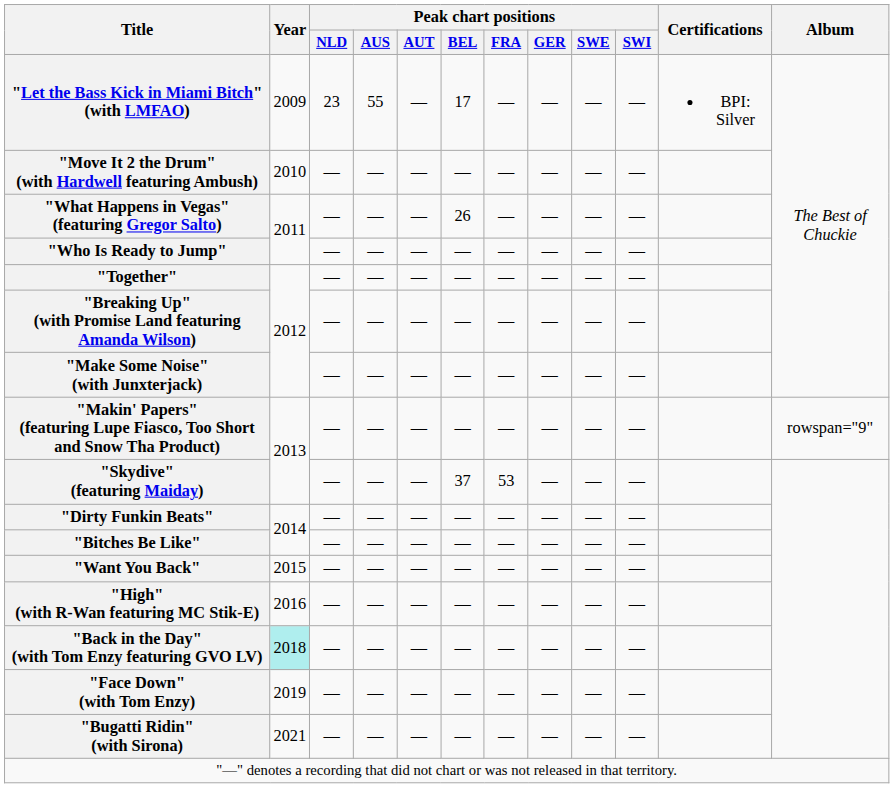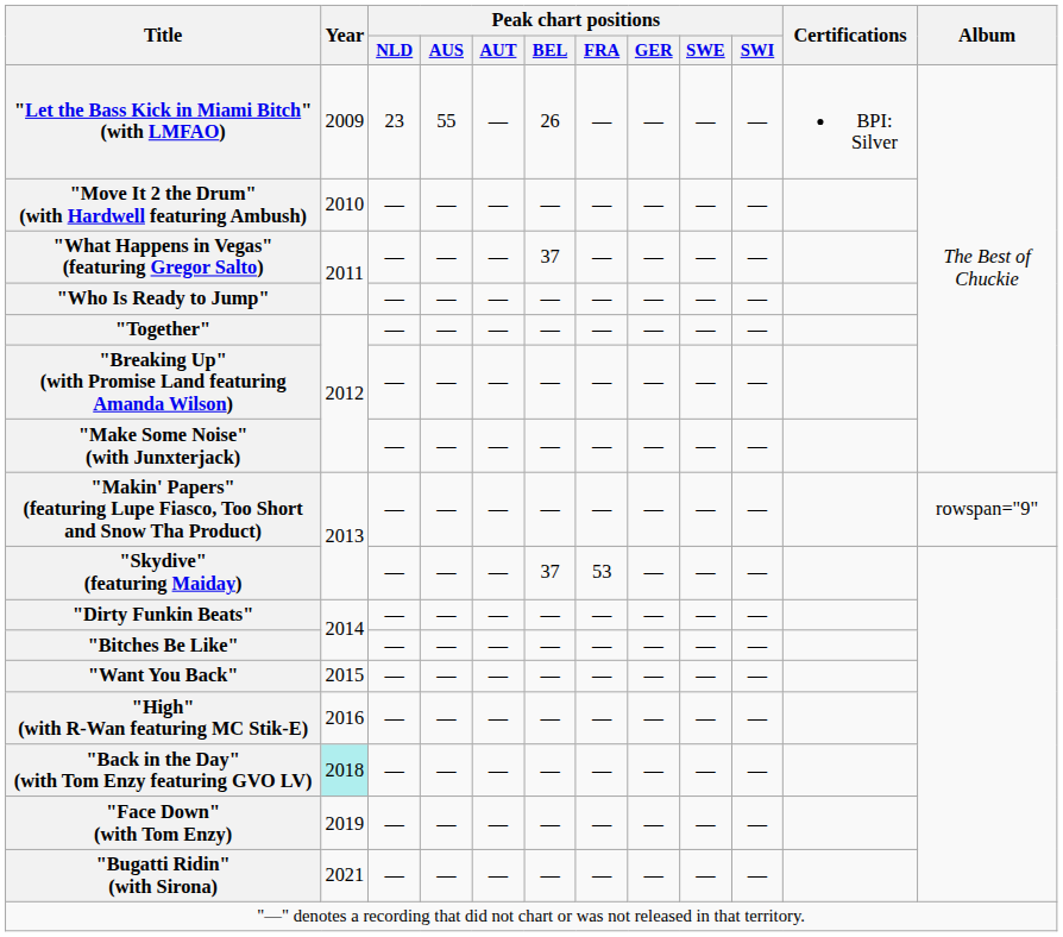 <table class="wikitable plainrowheaders" style="text-align:center;" border="1">
 <tr>
 <th scope="col" rowspan="2">Title</th>
 <th scope="col" rowspan="2">Year</th>
 <th scope="col" colspan="8">Peak chart positions</th>
 <th scope="col" rowspan="2">Certifications</th>
 <th scope="col" rowspan="2">Album</th>
 </tr>
 <tr>
 <th scope="col" style="width:2.5em;font-size:90%;"><a href='#'>NLD</a><br></th>
 <th scope="col" style="width:2.5em;font-size:90%;"><a href='#'>AUS</a><br></th>
 <th scope="col" style="width:2.5em;font-size:90%;"><a href='#'>AUT</a><br></th>
 <th scope="col" style="width:2.5em;font-size:90%;"><a href='#'>BEL</a><br></th>
 <th scope="col" style="width:2.5em;font-size:90%;"><a href='#'>FRA</a><br></th>
 <th scope="col" style="width:2.5em;font-size:90%;"><a href='#'>GER</a><br></th>
 <th scope="col" style="width:2.5em;font-size:90%;"><a href='#'>SWE</a><br></th>
 <th scope="col" style="width:2.5em;font-size:90%;"><a href='#'>SWI</a><br></th>
 </tr>
 <tr>
 <th scope="row">"<a href='#'>Let the Bass Kick in Miami Bitch</a>" <br><span>(with <a href='#'>LMFAO</a>)</span></th>
 <td>2009</td>
 <td>23</td>
 <td>55</td>
 <td>—</td>
-<td>17</td>
+<td>26</td>
 <td>—</td>
 <td>—</td>
 <td>—</td>
 <td>—</td>
 <td><br><ul><li>BPI: Silver</li></ul></td>
 <td rowspan="7"><em>The Best of Chuckie</em></td>
 </tr>
 <tr>
 <th scope="row">"Move It 2 the Drum"  <br><span>(with <a href='#'>Hardwell</a> featuring Ambush)</span></th>
 <td>2010</td>
 <td>—</td>
 <td>—</td>
 <td>—</td>
 <td>—</td>
 <td>—</td>
 <td>—</td>
 <td>—</td>
 <td>—</td>
 <td></td>
 </tr>
 <tr>
 <th scope="row">"What Happens in Vegas"  <br><span>(featuring <a href='#'>Gregor Salto</a>)</span></th>
 <td rowspan="2">2011</td>
 <td>—</td>
 <td>—</td>
 <td>—</td>
-<td>26</td>
+<td>37</td>
 <td>—</td>
 <td>—</td>
 <td>—</td>
 <td>—</td>
 <td></td>
 </tr>
 <tr>
 <th scope="row">"Who Is Ready to Jump" </th>
 <td>—</td>
 <td>—</td>
 <td>—</td>
 <td>—</td>
 <td>—</td>
 <td>—</td>
 <td>—</td>
 <td>—</td>
 <td></td>
 </tr>
 <tr>
 <th scope="row">"Together" </th>
 <td rowspan="3">2012</td>
 <td>—</td>
 <td>—</td>
 <td>—</td>
 <td>—</td>
 <td>—</td>
 <td>—</td>
 <td>—</td>
 <td>—</td>
 <td></td>
 </tr>
 <tr>
 <th scope="row">"Breaking Up"  <br><span>(with Promise Land featuring <a href='#'>Amanda Wilson</a>)</span></th>
 <td>—</td>
 <td>—</td>
 <td>—</td>
 <td>—</td>
 <td>—</td>
 <td>—</td>
 <td>—</td>
 <td>—</td>
 <td></td>
 </tr>
 <tr>
 <th scope="row">"Make Some Noise"  <br><span>(with Junxterjack)</span></th>
 <td>—</td>
 <td>—</td>
 <td>—</td>
 <td>—</td>
 <td>—</td>
 <td>—</td>
 <td>—</td>
 <td>—</td>
 <td></td>
 </tr>
 <tr>
 <th scope="row">"Makin' Papers"  <br><span>(featuring Lupe Fiasco, Too Short and Snow Tha Product)</span></th>
 <td rowspan="2">2013</td>
 <td>—</td>
 <td>—</td>
 <td>—</td>
 <td>—</td>
 <td>—</td>
 <td>—</td>
 <td>—</td>
 <td>—</td>
 <td></td>
 <td>rowspan="9" </td>
 </tr>
 <tr>
 <th scope="row">"Skydive"  <br><span>(featuring <a href='#'>Maiday</a>)</span></th>
 <td>—</td>
 <td>—</td>
 <td>—</td>
 <td>37</td>
 <td>53</td>
 <td>—</td>
 <td>—</td>
 <td>—</td>
 <td></td>
 </tr>
 <tr>
 <th scope="row">"Dirty Funkin Beats" </th>
 <td rowspan="2">2014</td>
 <td>—</td>
 <td>—</td>
 <td>—</td>
 <td>—</td>
 <td>—</td>
 <td>—</td>
 <td>—</td>
 <td>—</td>
 <td></td>
 </tr>
 <tr>
 <th scope="row">"Bitches Be Like" </th>
 <td>—</td>
 <td>—</td>
 <td>—</td>
 <td>—</td>
 <td>—</td>
 <td>—</td>
 <td>—</td>
 <td>—</td>
 <td></td>
 </tr>
 <tr>
 <th scope="row">"Want You Back" </th>
 <td>2015</td>
 <td>—</td>
 <td>—</td>
 <td>—</td>
 <td>—</td>
 <td>—</td>
 <td>—</td>
 <td>—</td>
 <td>—</td>
 <td></td>
 </tr>
 <tr>
 <th scope="row">"High"  <br><span>(with R-Wan featuring MC Stik-E)</span></th>
 <td>2016</td>
 <td>—</td>
 <td>—</td>
 <td>—</td>
 <td>—</td>
 <td>—</td>
 <td>—</td>
 <td>—</td>
 <td>—</td>
 <td></td>
 </tr>
 <tr>
 <th scope="row">"Back in the Day"  <br><span>(with Tom Enzy featuring GVO LV)</span></th>
 <td style="background: paleturquoise;">2018</td>
 <td>—</td>
 <td>—</td>
 <td>—</td>
 <td>—</td>
 <td>—</td>
 <td>—</td>
 <td>—</td>
 <td>—</td>
 <td></td>
 </tr>
 <tr>
 <th scope="row">"Face Down"  <br><span>(with Tom Enzy)</span></th>
 <td>2019</td>
 <td>—</td>
 <td>—</td>
 <td>—</td>
 <td>—</td>
 <td>—</td>
 <td>—</td>
 <td>—</td>
 <td>—</td>
 <td></td>
 </tr>
 <tr>
 <th scope="row">"Bugatti Ridin"  <br><span>(with Sirona)</span></th>
 <td>2021</td>
 <td>—</td>
 <td>—</td>
 <td>—</td>
 <td>—</td>
 <td>—</td>
 <td>—</td>
 <td>—</td>
 <td>—</td>
 <td></td>
 </tr>
 <tr>
 <td colspan="12" style="font-size:90%">"—" denotes a recording that did not chart or was not released in that territory.</td>
 </tr>
 </table>
